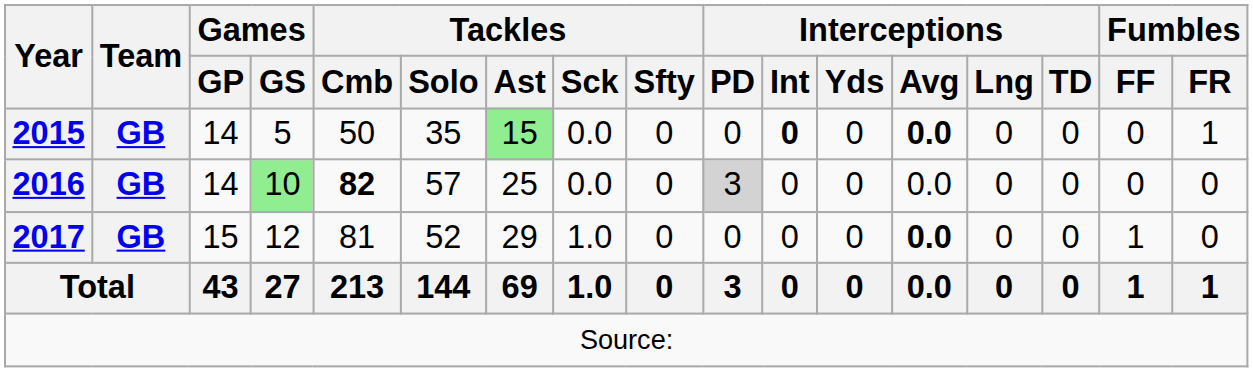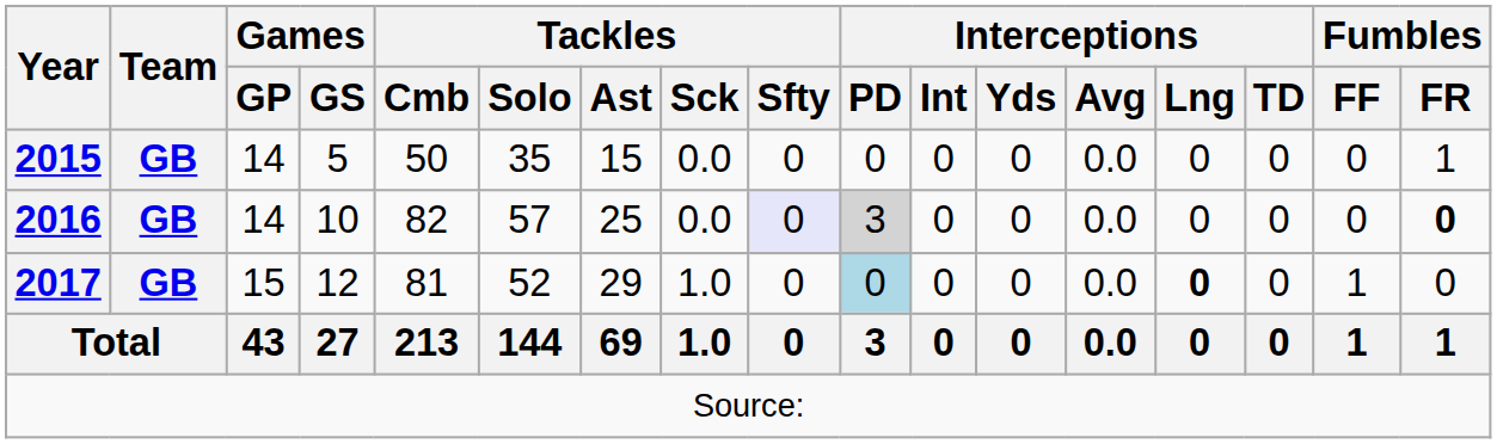 <table class="wikitable" style="text-align: center;">
 <tr>
 <th rowspan="2">Year</th>
 <th rowspan="2">Team</th>
 <th colspan="2">Games</th>
 <th colspan="5">Tackles</th>
 <th colspan="6">Interceptions</th>
 <th colspan="2">Fumbles</th>
 </tr>
 <tr>
 <th>GP</th>
 <th>GS</th>
 <th>Cmb</th>
 <th>Solo</th>
 <th>Ast</th>
 <th>Sck</th>
 <th>Sfty</th>
 <th>PD</th>
 <th>Int</th>
 <th>Yds</th>
 <th>Avg</th>
 <th>Lng</th>
 <th>TD</th>
 <th>FF</th>
 <th>FR</th>
 </tr>
 <tr>
 <th><a href='#'>2015</a></th>
 <th><a href='#'>GB</a></th>
 <td>14</td>
 <td>5</td>
 <td>50</td>
 <td>35</td>
-<td style="background: lightgreen;">15</td>
+<td>15</td>
 <td>0.0</td>
 <td>0</td>
 <td>0</td>
-<td><strong>0</strong></td>
 <td>0</td>
-<td><strong>0.0</strong></td>
+<td>0</td>
+<td>0.0</td>
 <td>0</td>
 <td>0</td>
 <td>0</td>
 <td>1</td>
 </tr>
 <tr>
 <th><a href='#'>2016</a></th>
 <th><a href='#'>GB</a></th>
 <td>14</td>
-<td style="background: lightgreen;">10</td>
-<td><strong>82</strong></td>
+<td>10</td>
+<td>82</td>
 <td>57</td>
 <td>25</td>
 <td>0.0</td>
-<td>0</td>
+<td style="background: lavender;">0</td>
 <td style="background: lightgrey;">3</td>
 <td>0</td>
 <td>0</td>
 <td>0.0</td>
 <td>0</td>
 <td>0</td>
 <td>0</td>
-<td>0</td>
+<td><strong>0</strong></td>
 </tr>
 <tr>
 <th><a href='#'>2017</a></th>
 <th><a href='#'>GB</a></th>
 <td>15</td>
 <td>12</td>
 <td>81</td>
 <td>52</td>
 <td>29</td>
 <td>1.0</td>
 <td>0</td>
+<td style="background: lightblue;">0</td>
 <td>0</td>
 <td>0</td>
-<td>0</td>
-<td><strong>0.0</strong></td>
-<td>0</td>
+<td>0.0</td>
+<td><strong>0</strong></td>
 <td>0</td>
 <td>1</td>
 <td>0</td>
 </tr>
 <tr>
 <th colspan="2">Total</th>
 <th>43</th>
 <th>27</th>
 <th>213</th>
 <th>144</th>
 <th>69</th>
 <th>1.0</th>
 <th>0</th>
 <th>3</th>
 <th>0</th>
 <th>0</th>
 <th>0.0</th>
 <th>0</th>
 <th>0</th>
 <th>1</th>
 <th>1</th>
 </tr>
 <tr>
 <td colspan="17"><small>Source: </small></td>
 </tr>
 </table>
